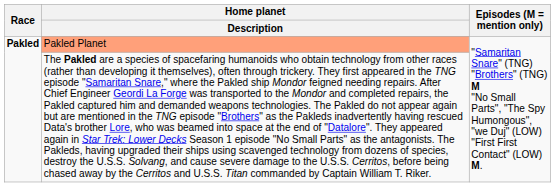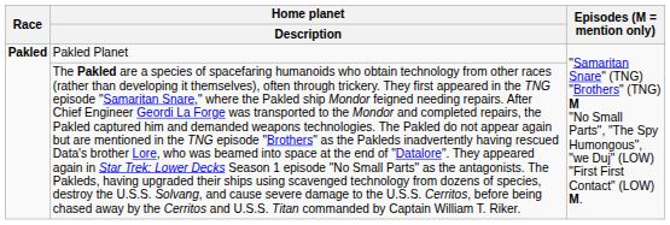 <table class="wikitable">
 <tr>
 <th rowspan="2">Race</th>
 <th>Home planet</th>
 <th rowspan="2">Episodes (M = mention only)</th>
 </tr>
 <tr>
 <th>Description</th>
 </tr>
 <tr>
 <td rowspan="2" style="vertical-align: top;"><strong>Pakled</strong> </td>
-<td style="background: lightsalmon;">Pakled Planet</td>
+<td>Pakled Planet</td>
 <td rowspan="2">"<a href='#'>Samaritan Snare</a>" (TNG)<br>"<a href='#'>Brothers</a>" (TNG) <strong> M</strong><br>"No Small Parts", "The Spy Humongous", "we Duj" (LOW)<br>"First First Contact" (LOW) <strong> M</strong>.</td>
 </tr>
 <tr>
 <td>The <strong>Pakled</strong> are a species of spacefaring humanoids who obtain technology from other races (rather than developing it themselves), often through trickery.  They first appeared in the <em>TNG</em> episode "<a href='#'>Samaritan Snare</a>," where the Pakled ship <em>Mondor</em> feigned needing repairs.  After Chief Engineer <a href='#'>Geordi La Forge</a> was transported to the <em>Mondor</em> and completed repairs, the Pakled captured him and demanded weapons technologies.  The Pakled do not appear again but are mentioned in the <em>TNG</em> episode "<a href='#'>Brothers</a>" as the Pakleds inadvertently having rescued Data's brother <a href='#'>Lore</a>, who was beamed into space at the end of "<a href='#'>Datalore</a>". They appeared again in <em><a href='#'>Star Trek: Lower Decks</a></em> Season 1 episode "No Small Parts" as the antagonists. The Pakleds, having upgraded their ships using scavenged technology from dozens of species, destroy the U.S.S. <em>Solvang</em>, and cause severe damage to the U.S.S. <em>Cerritos</em>, before being chased away by the <em>Cerritos</em> and U.S.S. <em>Titan</em> commanded by Captain William T. Riker.</td>
 </tr>
 </table>
